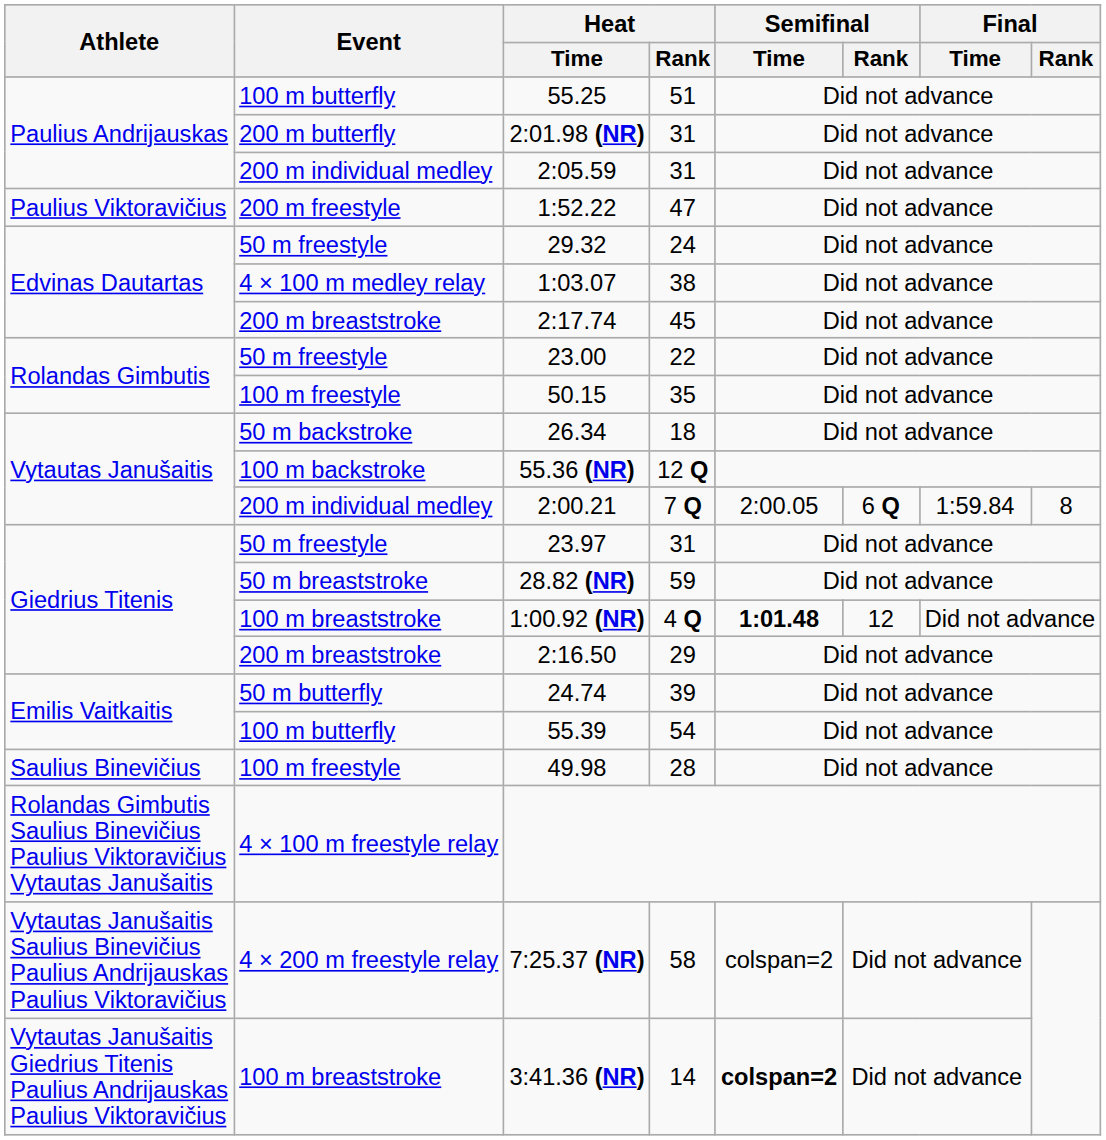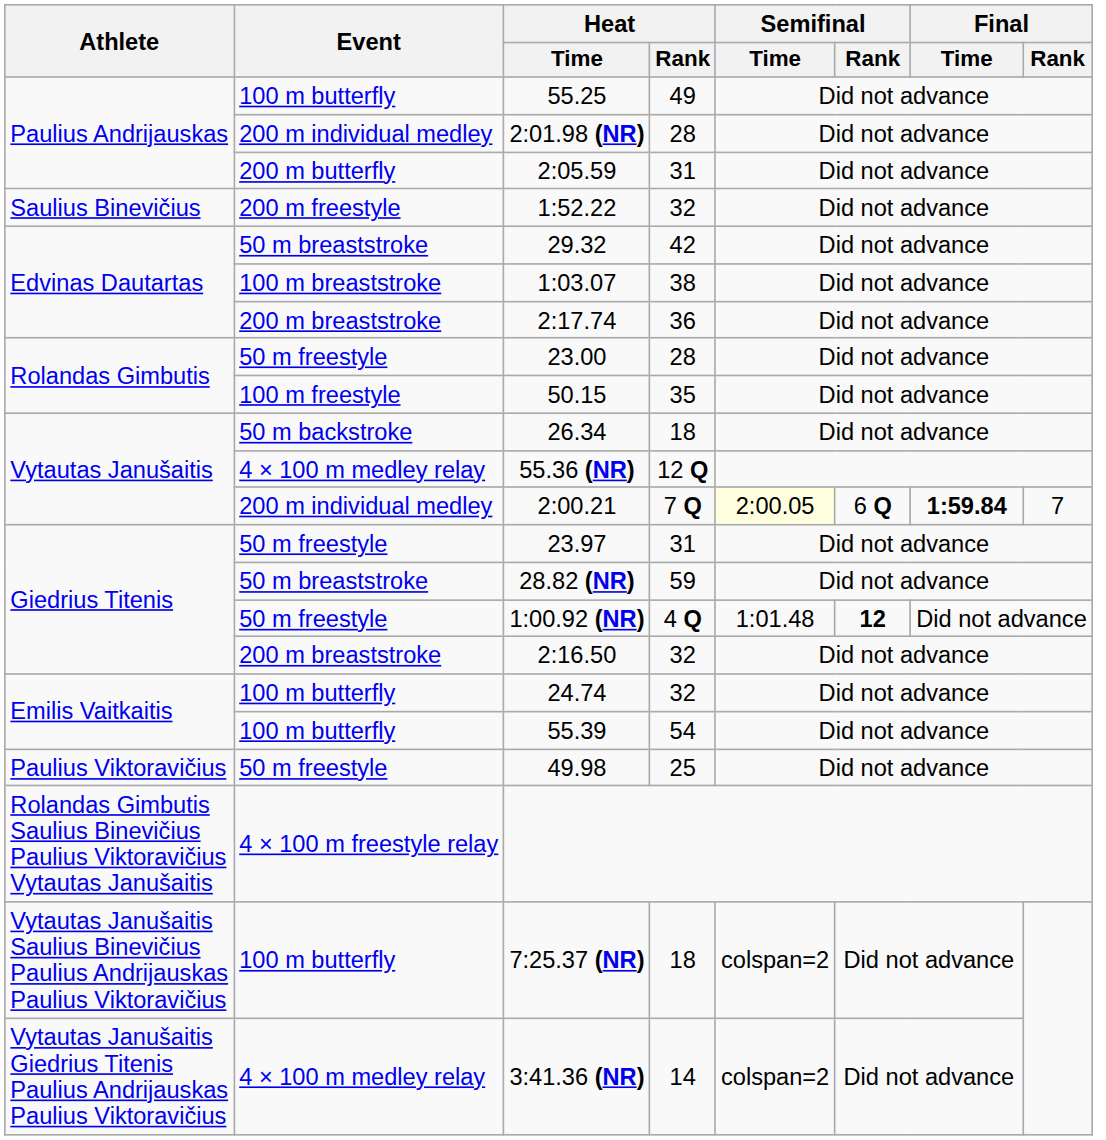 <table class=wikitable style="font-size:90%">
 <tr>
 <th rowspan="2">Athlete</th>
 <th rowspan="2">Event</th>
 <th colspan="2">Heat</th>
 <th colspan="2">Semifinal</th>
 <th colspan="2">Final</th>
 </tr>
 <tr style="font-size:95%">
 <th>Time</th>
 <th>Rank</th>
 <th>Time</th>
 <th>Rank</th>
 <th>Time</th>
 <th>Rank</th>
 </tr>
 <tr align=center>
 <td align=left rowspan=3><a href='#'>Paulius Andrijauskas</a></td>
 <td align=left><a href='#'>100 m butterfly</a></td>
 <td>55.25</td>
-<td>51</td>
+<td>49</td>
+<td colspan=4>Did not advance</td>
+</tr>
+<tr align=center>
+<td align=left><a href='#'>200 m individual medley</a></td>
+<td>2:01.98 <strong>(<a href='#'>NR</a>)</strong></td>
+<td>28</td>
 <td colspan=4>Did not advance</td>
 </tr>
 <tr align=center>
 <td align=left><a href='#'>200 m butterfly</a></td>
-<td>2:01.98 <strong>(<a href='#'>NR</a>)</strong></td>
-<td>31</td>
-<td colspan=4>Did not advance</td>
-</tr>
-<tr align=center>
-<td align=left><a href='#'>200 m individual medley</a></td>
 <td>2:05.59</td>
 <td>31</td>
 <td colspan=4>Did not advance</td>
 </tr>
 <tr align=center>
-<td align=left><a href='#'>Paulius Viktoravičius</a></td>
+<td align=left><a href='#'>Saulius Binevičius</a></td>
 <td align=left><a href='#'>200 m freestyle</a></td>
 <td>1:52.22</td>
-<td>47</td>
+<td>32</td>
 <td colspan=4>Did not advance</td>
 </tr>
 <tr align=center>
 <td align=left rowspan=3><a href='#'>Edvinas Dautartas</a></td>
-<td align=left><a href='#'>50 m freestyle</a></td>
+<td align=left><a href='#'>50 m breaststroke</a></td>
 <td>29.32</td>
-<td>24</td>
+<td>42</td>
 <td colspan=4>Did not advance</td>
 </tr>
 <tr align=center>
-<td align=left><a href='#'>4 × 100 m medley relay</a></td>
+<td align=left><a href='#'>100 m breaststroke</a></td>
 <td>1:03.07</td>
 <td>38</td>
 <td colspan=4>Did not advance</td>
 </tr>
 <tr align=center>
 <td align=left><a href='#'>200 m breaststroke</a></td>
 <td>2:17.74</td>
-<td>45</td>
+<td>36</td>
 <td colspan=4>Did not advance</td>
 </tr>
 <tr align=center>
 <td align=left rowspan=2><a href='#'>Rolandas Gimbutis</a></td>
 <td align=left><a href='#'>50 m freestyle</a></td>
 <td>23.00</td>
-<td>22</td>
+<td>28</td>
 <td colspan=4>Did not advance</td>
 </tr>
 <tr align=center>
 <td align=left><a href='#'>100 m freestyle</a></td>
 <td>50.15</td>
 <td>35</td>
 <td colspan=4>Did not advance</td>
 </tr>
 <tr align=center>
 <td align=left rowspan=3><a href='#'>Vytautas Janušaitis</a></td>
 <td align=left><a href='#'>50 m backstroke</a></td>
 <td>26.34</td>
 <td>18</td>
 <td colspan=4>Did not advance</td>
 </tr>
 <tr align=center>
-<td align=left><a href='#'>100 m backstroke</a></td>
+<td align=left><a href='#'>4 × 100 m medley relay</a></td>
 <td>55.36 <strong>(<a href='#'>NR</a>)</strong></td>
 <td>12 <strong>Q</strong></td>
 <td colspan=4></td>
 </tr>
 <tr align=center>
 <td align=left><a href='#'>200 m individual medley</a></td>
 <td>2:00.21</td>
 <td>7 <strong>Q</strong></td>
-<td>2:00.05</td>
+<td style="background: lightyellow;">2:00.05</td>
 <td>6 <strong>Q</strong></td>
-<td>1:59.84</td>
-<td>8</td>
+<td><strong>1:59.84</strong></td>
+<td>7</td>
 </tr>
 <tr align=center>
 <td align=left rowspan=4><a href='#'>Giedrius Titenis</a></td>
 <td align=left><a href='#'>50 m freestyle</a></td>
 <td>23.97</td>
 <td>31</td>
 <td colspan=4>Did not advance</td>
 </tr>
 <tr align=center>
 <td align=left><a href='#'>50 m breaststroke</a></td>
 <td>28.82 <strong>(<a href='#'>NR</a>)</strong></td>
 <td>59</td>
 <td colspan=4>Did not advance</td>
 </tr>
 <tr align=center>
-<td align=left><a href='#'>100 m breaststroke</a></td>
+<td align=left><a href='#'>50 m freestyle</a></td>
 <td>1:00.92 <strong>(<a href='#'>NR</a>)</strong></td>
 <td>4 <strong>Q</strong></td>
-<td><strong>1:01.48</strong></td>
-<td>12</td>
+<td>1:01.48</td>
+<td><strong>12</strong></td>
 <td colspan=2>Did not advance</td>
 </tr>
 <tr align=center>
 <td align=left><a href='#'>200 m breaststroke</a></td>
 <td>2:16.50</td>
-<td>29</td>
+<td>32</td>
 <td colspan=4>Did not advance</td>
 </tr>
 <tr align=center>
 <td align=left rowspan=2><a href='#'>Emilis Vaitkaitis</a></td>
-<td align=left><a href='#'>50 m butterfly</a></td>
+<td align=left><a href='#'>100 m butterfly</a></td>
 <td>24.74</td>
-<td>39</td>
+<td>32</td>
 <td colspan=4>Did not advance</td>
 </tr>
 <tr align=center>
 <td align=left><a href='#'>100 m butterfly</a></td>
 <td>55.39</td>
 <td>54</td>
 <td colspan=4>Did not advance</td>
 </tr>
 <tr align=center>
-<td align=left><a href='#'>Saulius Binevičius</a></td>
-<td align=left><a href='#'>100 m freestyle</a></td>
+<td align=left><a href='#'>Paulius Viktoravičius</a></td>
+<td align=left><a href='#'>50 m freestyle</a></td>
 <td>49.98</td>
-<td>28</td>
+<td>25</td>
 <td colspan=4>Did not advance</td>
 </tr>
 <tr align=center>
 <td align=left><a href='#'>Rolandas Gimbutis</a><br><a href='#'>Saulius Binevičius</a><br><a href='#'>Paulius Viktoravičius</a><br><a href='#'>Vytautas Janušaitis</a></td>
 <td align=left><a href='#'>4 × 100 m freestyle relay</a></td>
 <td colspan=6></td>
 </tr>
 <tr align=center>
 <td align=left><a href='#'>Vytautas Janušaitis</a><br><a href='#'>Saulius Binevičius</a><br><a href='#'>Paulius Andrijauskas</a><br><a href='#'>Paulius Viktoravičius</a></td>
-<td align=left><a href='#'>4 × 200 m freestyle relay</a></td>
+<td align=left><a href='#'>100 m butterfly</a></td>
 <td>7:25.37 <strong>(<a href='#'>NR</a>)</strong></td>
-<td>58</td>
+<td>18</td>
 <td>colspan=2 </td>
 <td colspan=2>Did not advance</td>
 </tr>
 <tr align=center>
 <td align=left><a href='#'>Vytautas Janušaitis</a><br><a href='#'>Giedrius Titenis</a><br><a href='#'>Paulius Andrijauskas</a><br><a href='#'>Paulius Viktoravičius</a></td>
-<td align=left><a href='#'>100 m breaststroke</a></td>
+<td align=left><a href='#'>4 × 100 m medley relay</a></td>
 <td>3:41.36 <strong>(<a href='#'>NR</a>)</strong></td>
 <td>14</td>
-<td><strong>colspan=2 </strong></td>
+<td>colspan=2 </td>
 <td colspan=2>Did not advance</td>
 </tr>
 </table>
